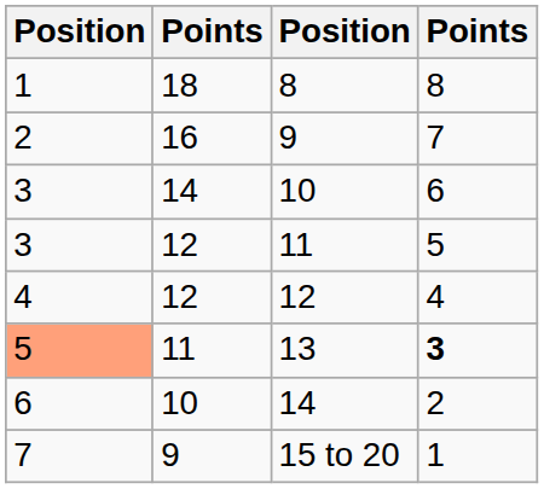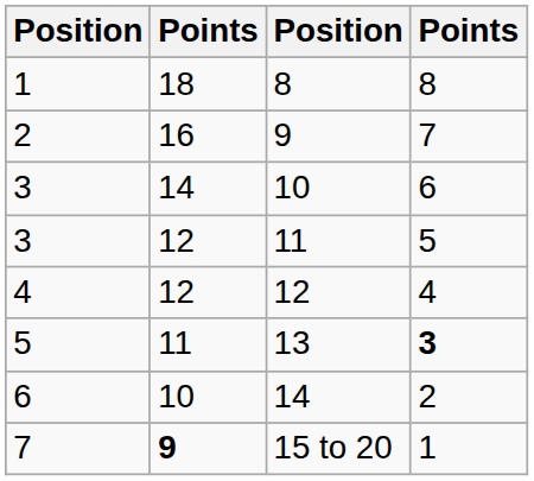 <table class="wikitable">
 <tr>
 <th>Position</th>
 <th>Points</th>
 <th>Position</th>
 <th>Points</th>
 </tr>
 <tr>
 <td>1</td>
 <td>18</td>
 <td>8</td>
 <td>8</td>
 </tr>
 <tr>
 <td>2</td>
 <td>16</td>
 <td>9</td>
 <td>7</td>
 </tr>
 <tr>
 <td>3</td>
 <td>14</td>
 <td>10</td>
 <td>6</td>
 </tr>
 <tr>
 <td>3</td>
 <td>12</td>
 <td>11</td>
 <td>5</td>
 </tr>
 <tr>
 <td>4</td>
 <td>12</td>
 <td>12</td>
 <td>4</td>
 </tr>
 <tr>
-<td style="background: lightsalmon;">5</td>
+<td>5</td>
 <td>11</td>
 <td>13</td>
 <td><strong>3</strong></td>
 </tr>
 <tr>
 <td>6</td>
 <td>10</td>
 <td>14</td>
 <td>2</td>
 </tr>
 <tr>
 <td>7</td>
-<td>9</td>
+<td><strong>9</strong></td>
 <td>15 to 20</td>
 <td>1</td>
 </tr>
 </table>
